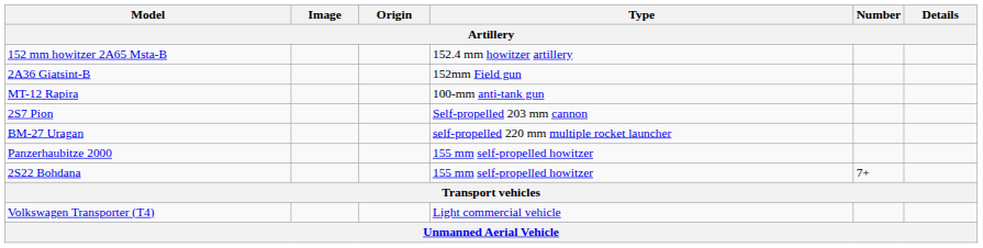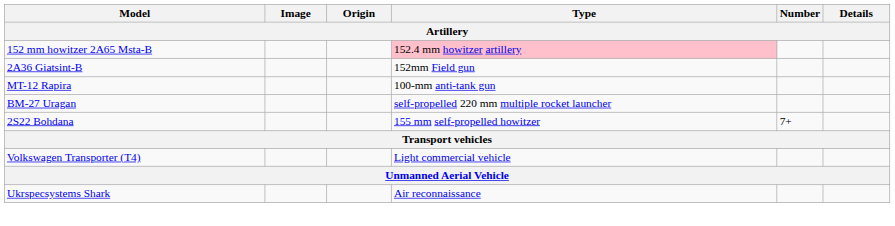 <table class="wikitable">
 <tr>
 <th>Model</th>
 <th>Image</th>
 <th>Origin</th>
 <th>Type</th>
 <th style="width:5%;">Number</th>
 <th>Details</th>
 </tr>
 <tr>
 <th colspan="6" style="align: center;">Artillery</th>
 </tr>
 <tr>
 <td><a href='#'>152 mm howitzer 2A65 Msta-B</a></td>
 <td></td>
 <td></td>
-<td>152.4 mm <a href='#'>howitzer</a> <a href='#'>artillery</a></td>
+<td style="background: pink;">152.4 mm <a href='#'>howitzer</a> <a href='#'>artillery</a></td>
 <td></td>
 <td></td>
 </tr>
 <tr>
 <td><a href='#'>2A36 Giatsint-B</a></td>
 <td></td>
 <td></td>
 <td>152mm <a href='#'>Field gun</a></td>
 <td></td>
 <td></td>
 </tr>
 <tr>
 <td><a href='#'>MT-12 Rapira</a></td>
 <td></td>
 <td></td>
 <td>100-mm <a href='#'>anti-tank gun</a></td>
 <td></td>
 <td></td>
 </tr>
 <tr>
-<td><a href='#'>2S7 Pion</a></td>
-<td></td>
-<td></td>
-<td><a href='#'>Self-propelled</a> 203 mm <a href='#'>cannon</a></td>
-<td></td>
-<td></td>
-</tr>
-<tr>
 <td><a href='#'>BM-27 Uragan</a></td>
 <td></td>
 <td></td>
 <td><a href='#'>self-propelled</a> 220 mm <a href='#'>multiple rocket launcher</a></td>
-<td></td>
-<td></td>
-</tr>
-<tr>
-<td><a href='#'>Panzerhaubitze 2000</a></td>
-<td></td>
-<td></td>
-<td><a href='#'>155 mm</a> <a href='#'>self-propelled howitzer</a></td>
 <td></td>
 <td></td>
 </tr>
 <tr>
 <td><a href='#'>2S22 Bohdana</a></td>
 <td></td>
 <td></td>
 <td><a href='#'>155 mm</a> <a href='#'>self-propelled howitzer</a></td>
 <td>7+</td>
 <td></td>
 </tr>
 <tr>
 <th colspan="6" style="align: center;">Transport vehicles</th>
 </tr>
 <tr>
 <td><a href='#'>Volkswagen Transporter (T4)</a></td>
 <td></td>
 <td></td>
 <td><a href='#'>Light commercial vehicle</a></td>
 <td></td>
 <td></td>
 </tr>
 <tr>
 <th colspan="6" style="align: center;"><a href='#'>Unmanned Aerial Vehicle</a></th>
 </tr>
+<tr>
+<td><a href='#'>Ukrspecsystems Shark</a></td>
+<td></td>
+<td></td>
+<td><a href='#'>Air reconnaissance</a></td>
+<td></td>
+<td></td>
+</tr>
 </table>
